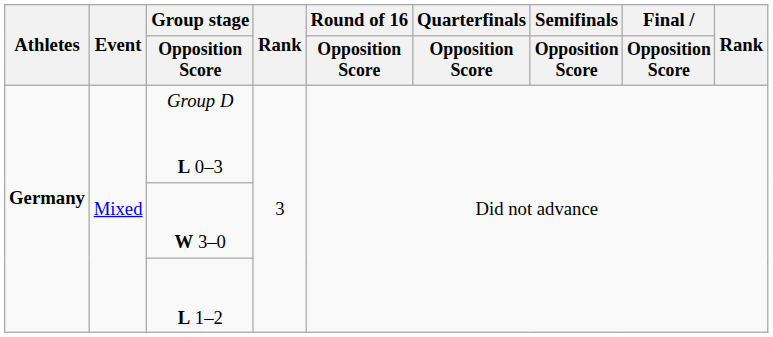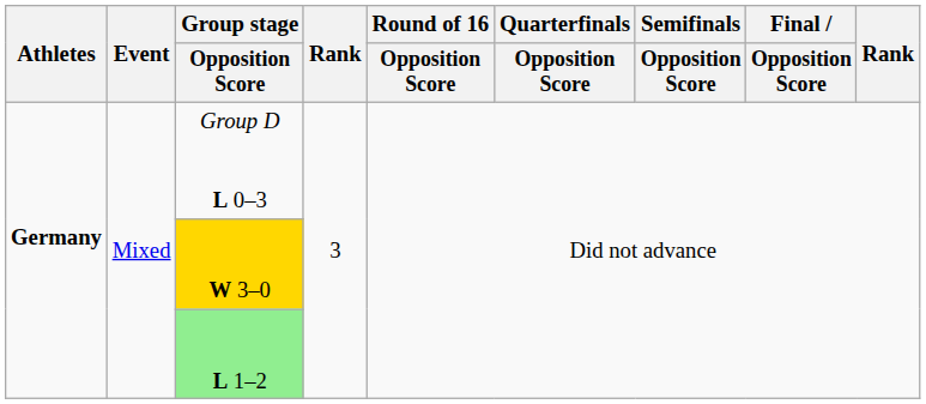 <table class=wikitable style="font-size:90%">
 <tr>
 <th rowspan="2">Athletes</th>
 <th rowspan="2">Event</th>
 <th>Group stage</th>
 <th rowspan="2">Rank</th>
 <th>Round of 16</th>
 <th>Quarterfinals</th>
 <th>Semifinals</th>
 <th>Final / </th>
 <th rowspan=2>Rank</th>
 </tr>
 <tr style="font-size:95%">
 <th>Opposition<br>Score</th>
 <th>Opposition<br>Score</th>
 <th>Opposition<br>Score</th>
 <th>Opposition<br>Score</th>
 <th>Opposition<br>Score</th>
 </tr>
 <tr align=center>
 <td align=left rowspan=3><strong>Germany</strong><br><br></td>
 <td align=left rowspan=3><a href='#'>Mixed</a></td>
 <td><em>Group D</em><br><br><br><strong>L</strong> 0–3</td>
 <td rowspan=3>3</td>
 <td rowspan=3 colspan=5>Did not advance</td>
 </tr>
 <tr align=center>
-<td><br><br><strong>W</strong> 3–0</td>
+<td style="background: gold;"><br><br><strong>W</strong> 3–0</td>
 </tr>
 <tr align=center>
-<td><br><br><strong>L</strong> 1–2</td>
+<td style="background: lightgreen;"><br><br><strong>L</strong> 1–2</td>
 </tr>
 </table>
